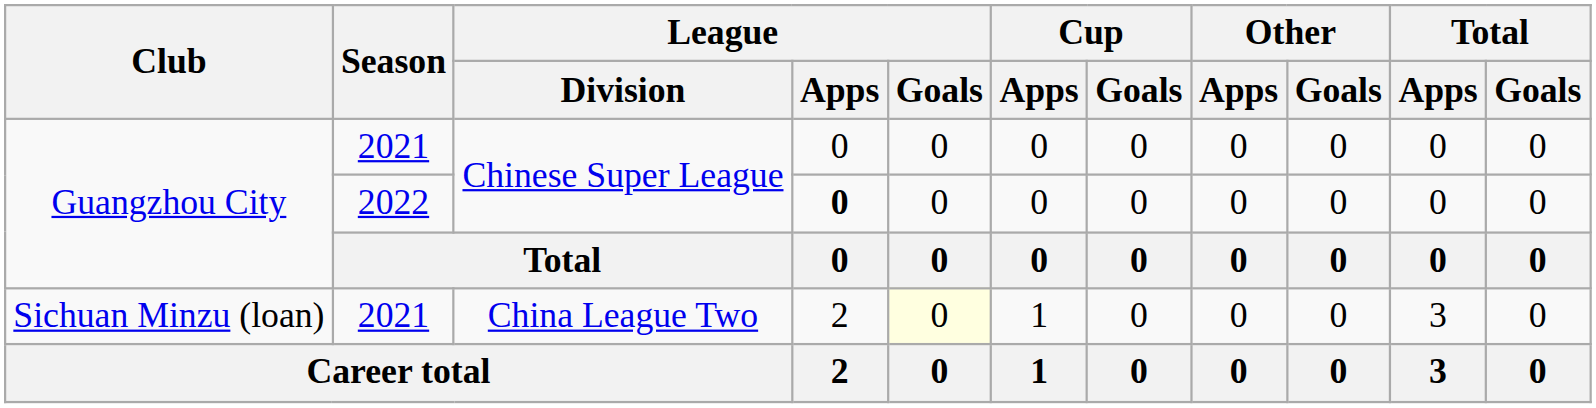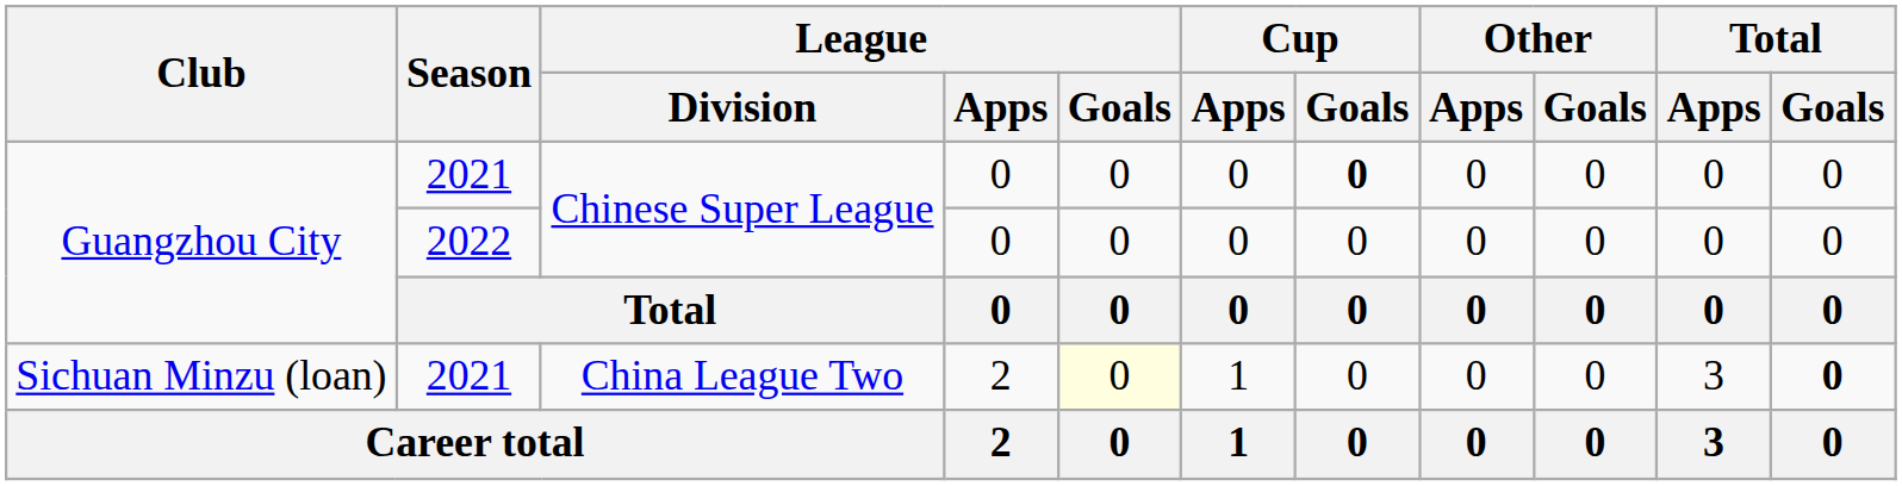 <table class="wikitable" style="text-align: center;">
 <tr>
 <th rowspan=2>Club</th>
 <th rowspan=2>Season</th>
 <th colspan=3>League</th>
 <th colspan=2>Cup</th>
 <th colspan=2>Other</th>
 <th colspan=2>Total</th>
 </tr>
 <tr>
 <th>Division</th>
 <th>Apps</th>
 <th>Goals</th>
 <th>Apps</th>
 <th>Goals</th>
 <th>Apps</th>
 <th>Goals</th>
 <th>Apps</th>
 <th>Goals</th>
 </tr>
 <tr>
 <td rowspan=3><a href='#'>Guangzhou City</a></td>
 <td><a href='#'>2021</a></td>
 <td rowspan=2><a href='#'>Chinese Super League</a></td>
 <td>0</td>
 <td>0</td>
 <td>0</td>
-<td>0</td>
+<td><strong>0</strong></td>
 <td>0</td>
 <td>0</td>
 <td>0</td>
 <td>0</td>
 </tr>
 <tr>
 <td><a href='#'>2022</a></td>
-<td><strong>0</strong></td>
+<td>0</td>
 <td>0</td>
 <td>0</td>
 <td>0</td>
 <td>0</td>
 <td>0</td>
 <td>0</td>
 <td>0</td>
 </tr>
 <tr>
 <th colspan=2>Total</th>
 <th>0</th>
 <th>0</th>
 <th>0</th>
 <th>0</th>
 <th>0</th>
 <th>0</th>
 <th>0</th>
 <th>0</th>
 </tr>
 <tr>
 <td><a href='#'>Sichuan Minzu</a> (loan)</td>
 <td><a href='#'>2021</a></td>
 <td><a href='#'>China League Two</a></td>
 <td>2</td>
 <td style="background: lightyellow;">0</td>
 <td>1</td>
 <td>0</td>
 <td>0</td>
 <td>0</td>
 <td>3</td>
-<td>0</td>
+<td><strong>0</strong></td>
 </tr>
 <tr>
 <th colspan=3>Career total</th>
 <th>2</th>
 <th>0</th>
 <th>1</th>
 <th>0</th>
 <th>0</th>
 <th>0</th>
 <th>3</th>
 <th>0</th>
 </tr>
 </table>
